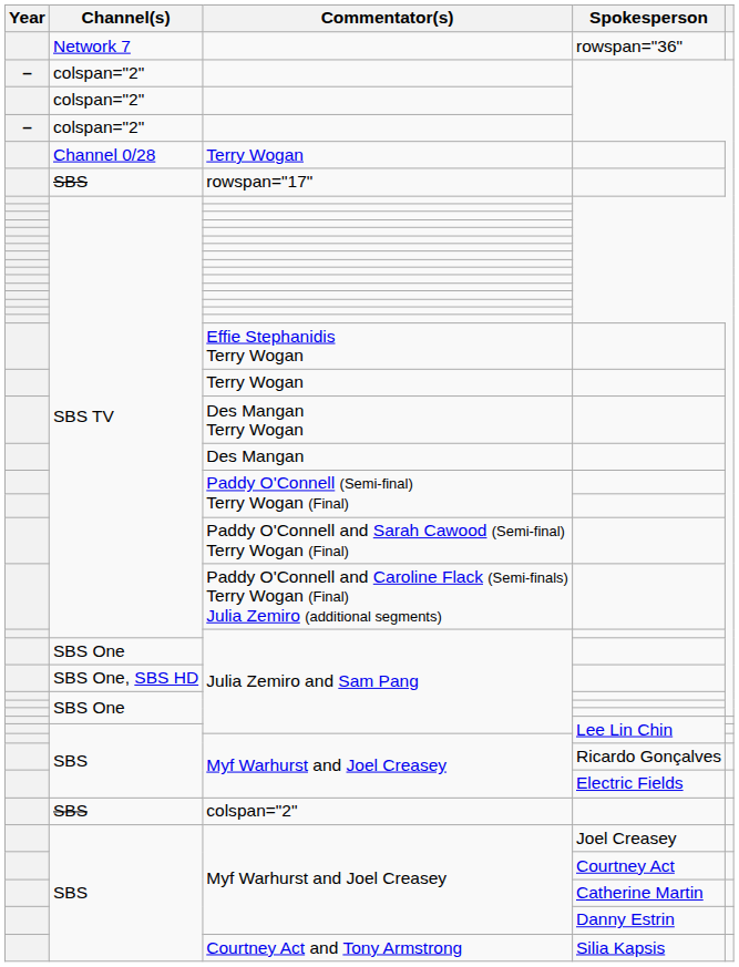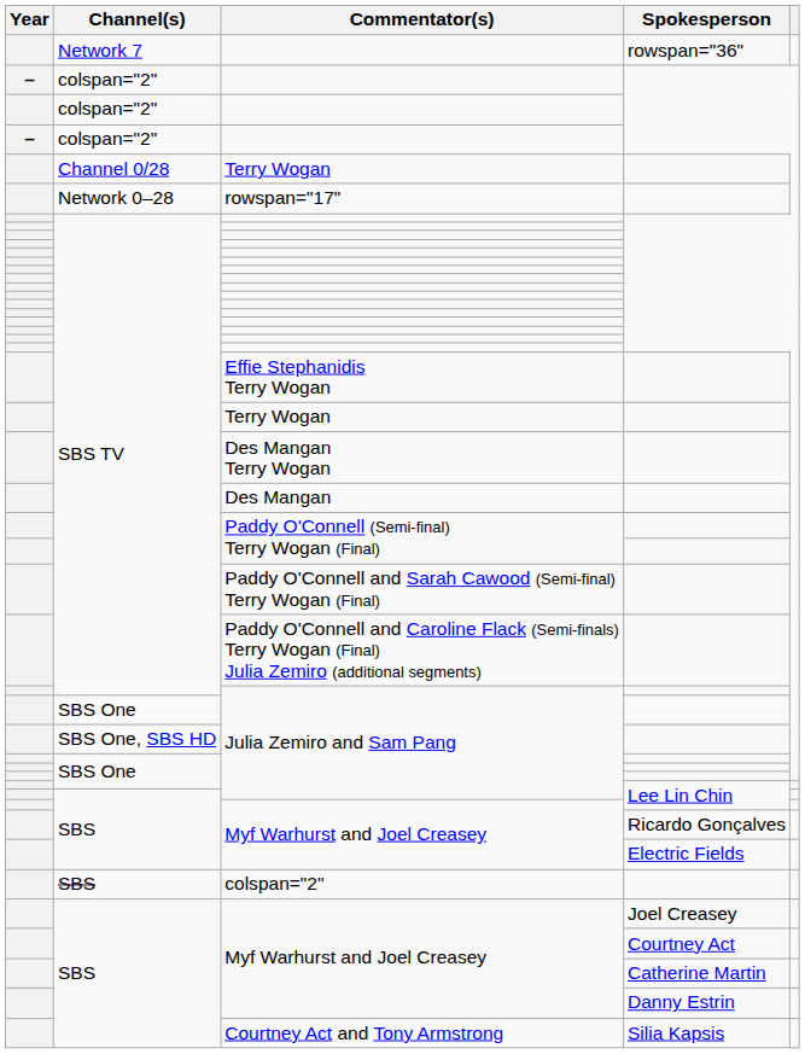 <table class="wikitable plainrowheaders sticky-header" text-align:left;">
 <tr>
 <th>Year</th>
 <th>Channel(s)</th>
 <th>Commentator(s)</th>
 <th>Spokesperson</th>
 <th class="unsortable"></th>
 </tr>
 <tr>
 <th scope="row"></th>
 <td><a href='#'>Network 7</a></td>
 <td></td>
 <td>rowspan="36" </td>
 <td style="text-align:center"></td>
 </tr>
 <tr>
 <th scope="row">–</th>
 <td>colspan="2" </td>
 <td style="text-align:center"></td>
 </tr>
 <tr>
 <th scope="row"></th>
 <td>colspan="2" </td>
 <td style="text-align:center"></td>
 </tr>
 <tr>
 <th scope="row">–</th>
 <td>colspan="2" </td>
 <td style="text-align:center"></td>
 </tr>
 <tr>
 <th scope="row"></th>
 <td><a href='#'>Channel 0/28</a></td>
 <td><a href='#'>Terry Wogan</a></td>
 <td style="text-align:center"></td>
 </tr>
 <tr>
 <th scope="row"></th>
-<td><s>SBS</s></td>
+<td>Network 0–28</td>
 <td>rowspan="17" </td>
 <td style="text-align:center"></td>
 </tr>
 <tr>
 <th scope="row"></th>
 <td rowspan="25">SBS TV</td>
 <td style="text-align:center"></td>
 </tr>
 <tr>
 <th scope="row"></th>
 <td style="text-align:center"></td>
 </tr>
 <tr>
 <th scope="row"></th>
 <td style="text-align:center"></td>
 </tr>
 <tr>
 <th scope="row"></th>
 <td style="text-align:center"></td>
 </tr>
 <tr>
 <th scope="row"></th>
 <td style="text-align:center"></td>
 </tr>
 <tr>
 <th scope="row"></th>
 <td style="text-align:center"></td>
 </tr>
 <tr>
 <th scope="row"></th>
 <td style="text-align:center"></td>
 </tr>
 <tr>
 <th scope="row"></th>
 <td style="text-align:center"></td>
 </tr>
 <tr>
 <th scope="row"></th>
 <td style="text-align:center"></td>
 </tr>
 <tr>
 <th scope="row"></th>
 <td style="text-align:center"></td>
 </tr>
 <tr>
 <th scope="row"></th>
 <td style="text-align:center"></td>
 </tr>
 <tr>
 <th scope="row"></th>
 <td style="text-align:center"></td>
 </tr>
 <tr>
 <th scope="row"></th>
 <td style="text-align:center"></td>
 </tr>
 <tr>
 <th scope="row"></th>
 <td style="text-align:center"></td>
 </tr>
 <tr>
 <th scope="row"></th>
 <td style="text-align:center"></td>
 </tr>
 <tr>
 <th scope="row"></th>
 <td style="text-align:center"></td>
 </tr>
 <tr>
 <th scope="row"></th>
 <td><a href='#'>Effie Stephanidis</a><br>Terry Wogan</td>
 <td style="text-align:center"></td>
 </tr>
 <tr>
 <th scope="row"></th>
 <td>Terry Wogan</td>
 <td style="text-align:center"></td>
 </tr>
 <tr>
 <th scope="row"></th>
 <td>Des Mangan<br>Terry Wogan</td>
 <td style="text-align:center"></td>
 </tr>
 <tr>
 <th scope="row"></th>
 <td>Des Mangan</td>
 <td style="text-align:center"></td>
 </tr>
 <tr>
 <th scope="row"></th>
 <td rowspan="2"><a href='#'>Paddy O'Connell</a> <small>(Semi-final)</small><br> Terry Wogan <small>(Final)</small></td>
 <td style="text-align:center"></td>
 </tr>
 <tr>
 <th scope="row"></th>
 <td style="text-align:center"></td>
 </tr>
 <tr>
 <th scope="row"></th>
 <td>Paddy O'Connell and <a href='#'>Sarah Cawood</a> <small>(Semi-final)</small><br> Terry Wogan <small>(Final)</small></td>
 <td style="text-align:center"></td>
 </tr>
 <tr>
 <th scope="row"></th>
 <td>Paddy O'Connell and <a href='#'>Caroline Flack</a> <small>(Semi-finals)</small><br> Terry Wogan <small>(Final)</small><br> <a href='#'>Julia Zemiro</a> <small>(additional segments)</small></td>
 <td style="text-align:center"></td>
 </tr>
 <tr>
 <th scope="row"></th>
 <td rowspan="8">Julia Zemiro and <a href='#'>Sam Pang</a></td>
 <td style="text-align:center"></td>
 </tr>
 <tr>
 <th scope="row"></th>
 <td>SBS One</td>
 <td style="text-align:center"></td>
 </tr>
 <tr>
 <th scope="row"></th>
 <td>SBS One, <a href='#'>SBS HD</a></td>
 <td style="text-align:center"></td>
 </tr>
 <tr>
 <th scope="row"></th>
 <td rowspan="4">SBS One</td>
 <td style="text-align:center"></td>
 </tr>
 <tr>
 <th scope="row"></th>
 <td style="text-align:center"></td>
 </tr>
 <tr>
 <th scope="row"></th>
 <td style="text-align:center"></td>
 </tr>
 <tr>
 <th scope="row"></th>
 <td rowspan="3"><a href='#'>Lee Lin Chin</a></td>
 <td style="text-align:center"></td>
 </tr>
 <tr>
 <th scope="row"></th>
 <td rowspan="4">SBS</td>
 <td style="text-align:center"></td>
 </tr>
 <tr>
 <th scope="row"></th>
 <td rowspan="3"><a href='#'>Myf Warhurst</a> and <a href='#'>Joel Creasey</a></td>
 <td style="text-align:center"></td>
 </tr>
 <tr>
 <th scope="row"></th>
 <td>Ricardo Gonçalves</td>
 <td style="text-align:center"></td>
 </tr>
 <tr>
 <th scope="row"></th>
 <td><a href='#'>Electric Fields</a></td>
 <td style="text-align:center"></td>
 </tr>
 <tr>
 <th scope="row"><s></s></th>
 <td><s>SBS</s></td>
 <td>colspan="2" </td>
 <td style="text-align:center"></td>
 </tr>
 <tr>
 <th scope="row"></th>
 <td rowspan="5">SBS</td>
 <td rowspan="4">Myf Warhurst and Joel Creasey</td>
 <td>Joel Creasey</td>
 <td style="text-align:center"></td>
 </tr>
 <tr>
 <th scope="row"></th>
 <td><a href='#'>Courtney Act</a></td>
 <td style="text-align:center"></td>
 </tr>
 <tr>
 <th scope="row"></th>
 <td><a href='#'>Catherine Martin</a></td>
 <td style="text-align:center"></td>
 </tr>
 <tr>
 <th scope="row"></th>
 <td><a href='#'>Danny Estrin</a></td>
 <td style="text-align:center"></td>
 </tr>
 <tr>
 <th scope="row"></th>
 <td><a href='#'>Courtney Act</a> and <a href='#'>Tony Armstrong</a></td>
 <td><a href='#'>Silia Kapsis</a></td>
 <td style="text-align:center"></td>
 </tr>
 </table>
